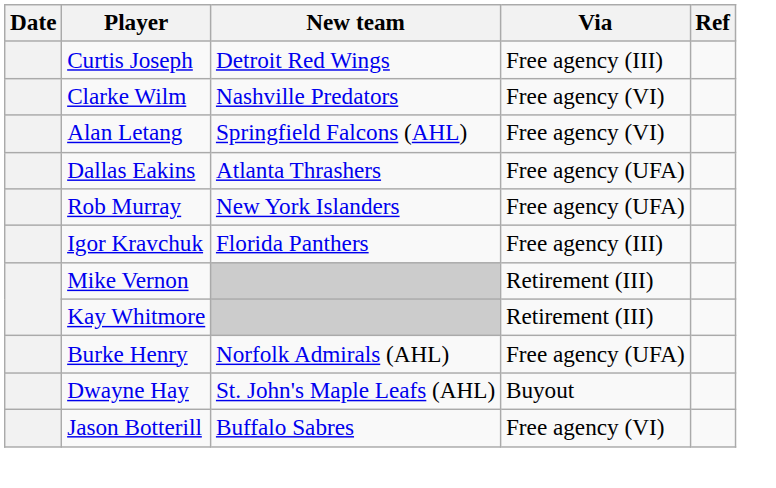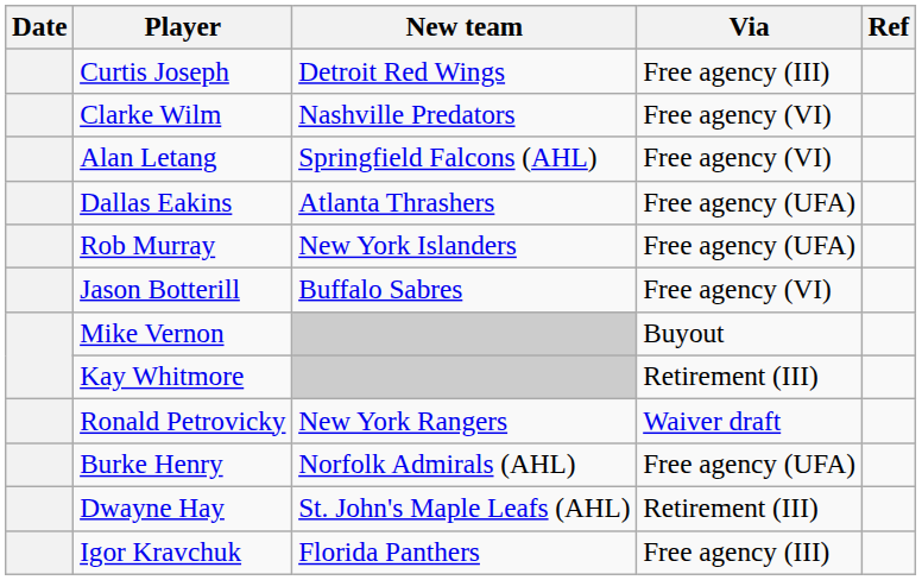 <table class="wikitable plainrowheaders">
 <tr style="background:#ddd; text-align:center;">
 <th>Date</th>
 <th>Player</th>
 <th>New team</th>
 <th>Via</th>
 <th>Ref</th>
 </tr>
 <tr>
 <th scope="row"></th>
 <td><a href='#'>Curtis Joseph</a></td>
 <td><a href='#'>Detroit Red Wings</a></td>
 <td>Free agency (III)</td>
 <td></td>
 </tr>
 <tr>
 <th scope="row"></th>
 <td><a href='#'>Clarke Wilm</a></td>
 <td><a href='#'>Nashville Predators</a></td>
 <td>Free agency (VI)</td>
 <td></td>
 </tr>
 <tr>
 <th scope="row"></th>
 <td><a href='#'>Alan Letang</a></td>
 <td><a href='#'>Springfield Falcons</a> (<a href='#'>AHL</a>)</td>
 <td>Free agency (VI)</td>
 <td></td>
 </tr>
 <tr>
 <th scope="row"></th>
 <td><a href='#'>Dallas Eakins</a></td>
 <td><a href='#'>Atlanta Thrashers</a></td>
 <td>Free agency (UFA)</td>
 <td></td>
 </tr>
 <tr>
 <th scope="row"></th>
 <td><a href='#'>Rob Murray</a></td>
 <td><a href='#'>New York Islanders</a></td>
 <td>Free agency (UFA)</td>
 <td></td>
 </tr>
 <tr>
 <th scope="row"></th>
-<td><a href='#'>Igor Kravchuk</a></td>
-<td><a href='#'>Florida Panthers</a></td>
-<td>Free agency (III)</td>
+<td><a href='#'>Jason Botterill</a></td>
+<td><a href='#'>Buffalo Sabres</a></td>
+<td>Free agency (VI)</td>
 <td></td>
 </tr>
 <tr>
 <th scope="row" rowspan=2></th>
 <td><a href='#'>Mike Vernon</a></td>
 <td style="background:#ccc"></td>
-<td>Retirement (III)</td>
+<td>Buyout</td>
 <td></td>
 </tr>
 <tr>
 <td><a href='#'>Kay Whitmore</a></td>
 <td style="background:#ccc"></td>
 <td>Retirement (III)</td>
+<td></td>
+</tr>
+<tr>
+<th scope="row"></th>
+<td><a href='#'>Ronald Petrovicky</a></td>
+<td><a href='#'>New York Rangers</a></td>
+<td><a href='#'>Waiver draft</a></td>
 <td></td>
 </tr>
 <tr>
 <th scope="row"></th>
 <td><a href='#'>Burke Henry</a></td>
 <td><a href='#'>Norfolk Admirals</a> (AHL)</td>
 <td>Free agency (UFA)</td>
 <td></td>
 </tr>
 <tr>
 <th scope="row"></th>
 <td><a href='#'>Dwayne Hay</a></td>
 <td><a href='#'>St. John's Maple Leafs</a> (AHL)</td>
-<td>Buyout</td>
+<td>Retirement (III)</td>
 <td></td>
 </tr>
 <tr>
 <th scope="row"></th>
-<td><a href='#'>Jason Botterill</a></td>
-<td><a href='#'>Buffalo Sabres</a></td>
-<td>Free agency (VI)</td>
+<td><a href='#'>Igor Kravchuk</a></td>
+<td><a href='#'>Florida Panthers</a></td>
+<td>Free agency (III)</td>
 <td></td>
 </tr>
 </table>
